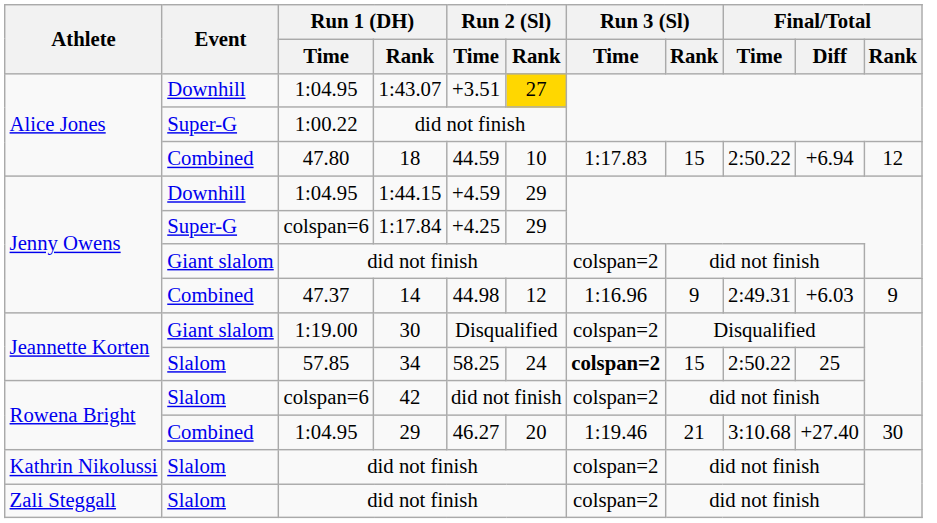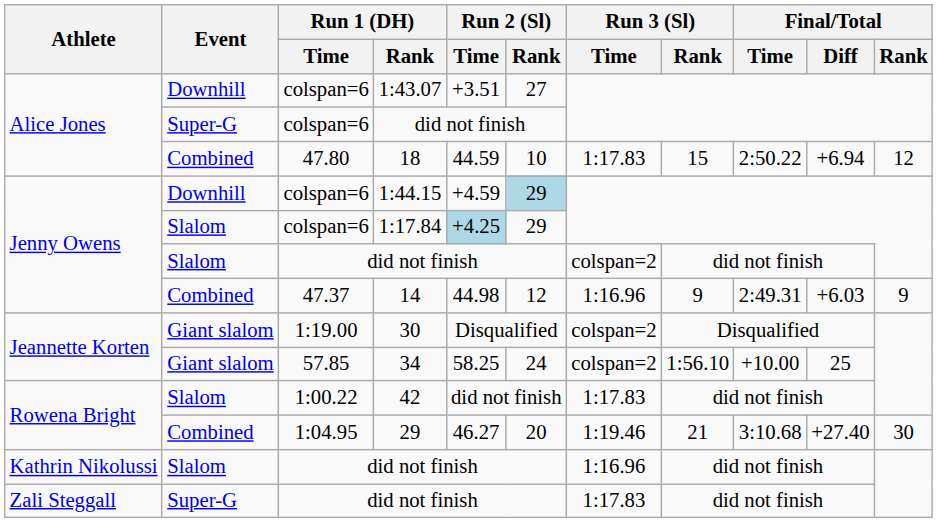 <table class="wikitable" style="font-size:90%">
 <tr>
 <th rowspan="2">Athlete</th>
 <th rowspan="2">Event</th>
 <th colspan="2">Run 1 (DH)</th>
 <th colspan="2">Run 2 (Sl)</th>
 <th colspan="2">Run 3 (Sl)</th>
 <th colspan="3">Final/Total</th>
 </tr>
 <tr>
 <th>Time</th>
 <th>Rank</th>
 <th>Time</th>
 <th>Rank</th>
 <th>Time</th>
 <th>Rank</th>
 <th>Time</th>
 <th>Diff</th>
 <th>Rank</th>
 </tr>
 <tr align="center">
 <td align="left" rowspan=3><a href='#'>Alice Jones</a></td>
 <td align="left"><a href='#'>Downhill</a></td>
-<td>1:04.95</td>
+<td>colspan=6 </td>
 <td>1:43.07</td>
 <td>+3.51</td>
-<td style="background: gold;">27</td>
+<td>27</td>
 </tr>
 <tr align="center">
 <td align="left"><a href='#'>Super-G</a></td>
-<td>1:00.22</td>
+<td>colspan=6 </td>
 <td colspan=3>did not finish</td>
 </tr>
 <tr align="center">
 <td align="left"><a href='#'>Combined</a></td>
 <td>47.80</td>
 <td>18</td>
 <td>44.59</td>
 <td>10</td>
 <td>1:17.83</td>
 <td>15</td>
 <td>2:50.22</td>
 <td>+6.94</td>
 <td>12</td>
 </tr>
 <tr align="center">
 <td align="left" rowspan=4><a href='#'>Jenny Owens</a></td>
 <td align="left"><a href='#'>Downhill</a></td>
-<td>1:04.95</td>
+<td>colspan=6 </td>
 <td>1:44.15</td>
 <td>+4.59</td>
+<td style="background: lightblue;">29</td>
+</tr>
+<tr align="center">
+<td align="left"><a href='#'>Slalom</a></td>
+<td>colspan=6 </td>
+<td>1:17.84</td>
+<td style="background: lightblue;">+4.25</td>
 <td>29</td>
 </tr>
 <tr align="center">
-<td align="left"><a href='#'>Super-G</a></td>
-<td>colspan=6 </td>
-<td>1:17.84</td>
-<td>+4.25</td>
-<td>29</td>
-</tr>
-<tr align="center">
-<td align="left"><a href='#'>Giant slalom</a></td>
+<td align="left"><a href='#'>Slalom</a></td>
 <td colspan=4>did not finish</td>
 <td>colspan=2 </td>
 <td colspan=3>did not finish</td>
 </tr>
 <tr align="center">
 <td align="left"><a href='#'>Combined</a></td>
 <td>47.37</td>
 <td>14</td>
 <td>44.98</td>
 <td>12</td>
 <td>1:16.96</td>
 <td>9</td>
 <td>2:49.31</td>
 <td>+6.03</td>
 <td>9</td>
 </tr>
 <tr align="center">
 <td align="left" rowspan=2><a href='#'>Jeannette Korten</a></td>
 <td align="left"><a href='#'>Giant slalom</a></td>
 <td>1:19.00</td>
 <td>30</td>
 <td colspan=2>Disqualified</td>
 <td>colspan=2 </td>
 <td colspan=3>Disqualified</td>
 </tr>
 <tr align="center">
-<td align="left"><a href='#'>Slalom</a></td>
+<td align="left"><a href='#'>Giant slalom</a></td>
 <td>57.85</td>
 <td>34</td>
 <td>58.25</td>
 <td>24</td>
-<td><strong>colspan=2 </strong></td>
-<td>15</td>
-<td>2:50.22</td>
+<td>colspan=2 </td>
+<td>1:56.10</td>
+<td>+10.00</td>
 <td>25</td>
 </tr>
 <tr align="center">
 <td align="left" rowspan=2><a href='#'>Rowena Bright</a></td>
 <td align="left"><a href='#'>Slalom</a></td>
-<td>colspan=6 </td>
+<td>1:00.22</td>
 <td>42</td>
 <td colspan=2>did not finish</td>
-<td>colspan=2 </td>
+<td>1:17.83</td>
 <td colspan=3>did not finish</td>
 </tr>
 <tr align="center">
 <td align="left"><a href='#'>Combined</a></td>
 <td>1:04.95</td>
 <td>29</td>
 <td>46.27</td>
 <td>20</td>
 <td>1:19.46</td>
 <td>21</td>
 <td>3:10.68</td>
 <td>+27.40</td>
 <td>30</td>
 </tr>
 <tr align="center">
 <td align="left"><a href='#'>Kathrin Nikolussi</a></td>
 <td align="left"><a href='#'>Slalom</a></td>
 <td colspan=4>did not finish</td>
-<td>colspan=2 </td>
+<td>1:16.96</td>
 <td colspan=3>did not finish</td>
 </tr>
 <tr align="center">
 <td align="left"><a href='#'>Zali Steggall</a></td>
-<td align="left"><a href='#'>Slalom</a></td>
+<td align="left"><a href='#'>Super-G</a></td>
 <td colspan=4>did not finish</td>
-<td>colspan=2 </td>
+<td>1:17.83</td>
 <td colspan=3>did not finish</td>
 </tr>
 </table>
